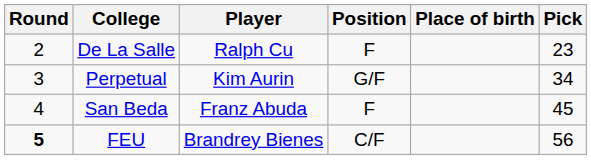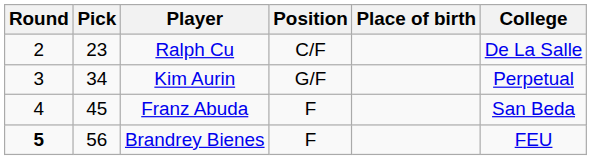 <table class="wikitable sortable sortable" style="text-align:center">
 <tr>
 <th>Round</th>
-<th>College</th>
+<th>Pick</th>
 <th>Player</th>
 <th>Position</th>
 <th>Place of birth</th>
-<th>Pick</th>
+<th>College</th>
 </tr>
 <tr>
 <td>2</td>
+<td>23</td>
+<td><a href='#'>Ralph Cu</a></td>
+<td>C/F</td>
+<td></td>
 <td><a href='#'>De La Salle</a></td>
-<td><a href='#'>Ralph Cu</a></td>
-<td>F</td>
-<td></td>
-<td>23</td>
 </tr>
 <tr>
 <td>3</td>
-<td><a href='#'>Perpetual</a></td>
+<td>34</td>
 <td><a href='#'>Kim Aurin</a></td>
 <td>G/F</td>
 <td></td>
-<td>34</td>
+<td><a href='#'>Perpetual</a></td>
 </tr>
 <tr>
 <td>4</td>
-<td><a href='#'>San Beda</a></td>
+<td>45</td>
 <td><a href='#'>Franz Abuda</a></td>
 <td>F</td>
 <td></td>
-<td>45</td>
+<td><a href='#'>San Beda</a></td>
 </tr>
 <tr>
 <td><strong>5</strong></td>
+<td>56</td>
+<td><a href='#'>Brandrey Bienes</a></td>
+<td>F</td>
+<td></td>
 <td><a href='#'>FEU</a></td>
-<td><a href='#'>Brandrey Bienes</a></td>
-<td>C/F</td>
-<td></td>
-<td>56</td>
 </tr>
 </table>
